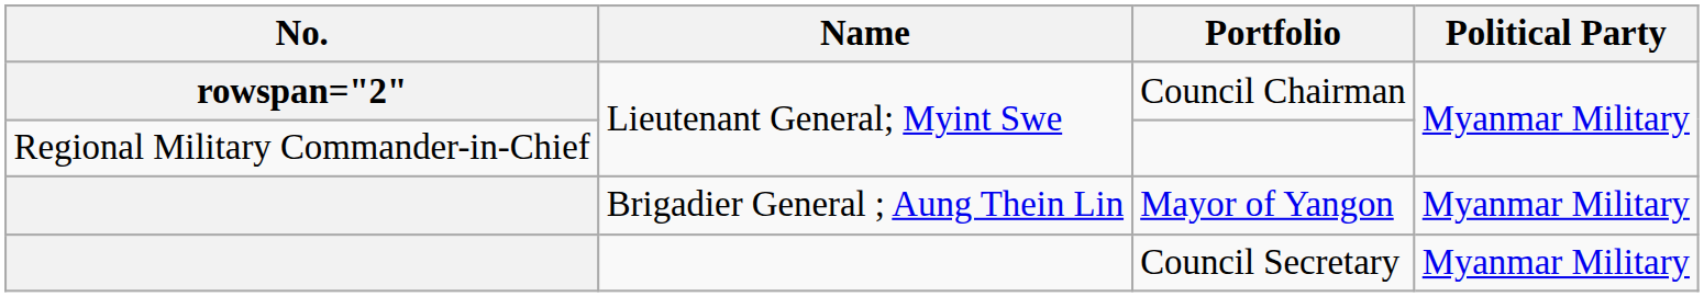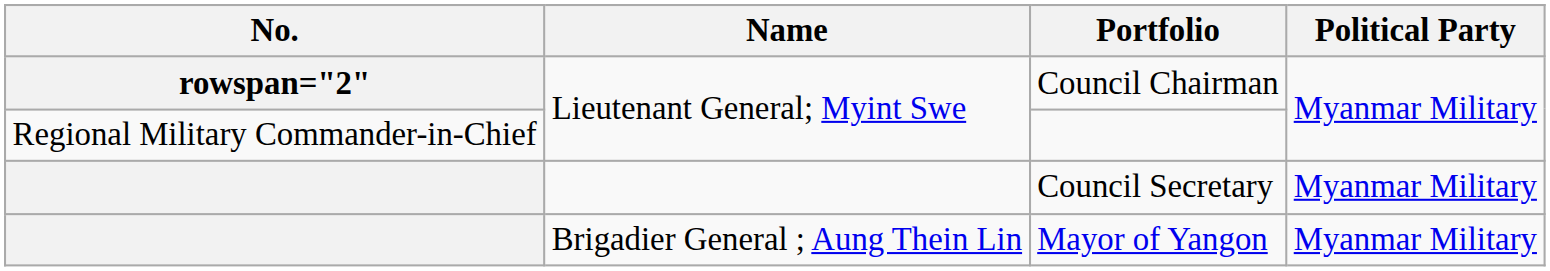 <table class="wikitable">
 <tr>
 <th>No.</th>
 <th>Name</th>
 <th>Portfolio</th>
 <th>Political Party</th>
 </tr>
 <tr>
 <th>rowspan="2"  </th>
 <td rowspan="2">Lieutenant General; <a href='#'>Myint Swe</a></td>
 <td>Council Chairman</td>
 <td rowspan="2"><a href='#'>Myanmar Military</a></td>
 </tr>
 <tr>
 <td>Regional Military Commander-in-Chief</td>
 </tr>
 <tr>
 <th> </th>
+<td></td>
+<td>Council Secretary</td>
+<td><a href='#'>Myanmar Military</a></td>
+</tr>
+<tr>
+<th> </th>
 <td>Brigadier General ; <a href='#'>Aung Thein Lin</a></td>
 <td><a href='#'>Mayor of Yangon</a></td>
 <td><a href='#'>Myanmar Military</a></td>
 </tr>
-<tr>
-<th> </th>
-<td></td>
-<td>Council Secretary</td>
-<td><a href='#'>Myanmar Military</a></td>
-</tr>
 </table>
